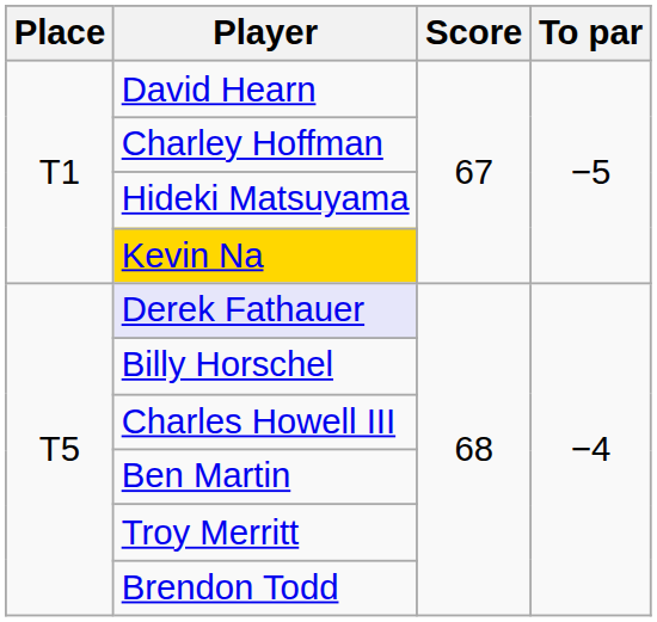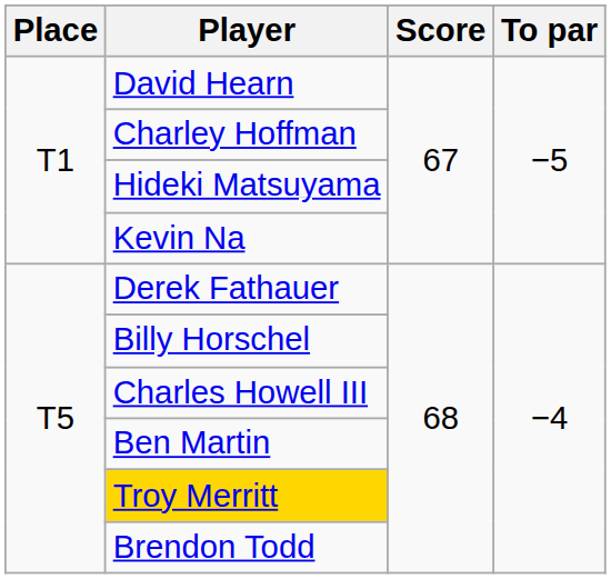 <table class="wikitable">
 <tr>
 <th>Place</th>
 <th>Player</th>
 <th>Score</th>
 <th>To par</th>
 </tr>
 <tr>
 <td rowspan=4 align=center>T1</td>
 <td> <a href='#'>David Hearn</a></td>
 <td rowspan=4 align=center>67</td>
 <td rowspan=4 align=center>−5</td>
 </tr>
 <tr>
 <td> <a href='#'>Charley Hoffman</a></td>
 </tr>
 <tr>
 <td> <a href='#'>Hideki Matsuyama</a></td>
 </tr>
 <tr>
-<td style="background: gold;"> <a href='#'>Kevin Na</a></td>
+<td> <a href='#'>Kevin Na</a></td>
 </tr>
 <tr>
 <td rowspan=6 align=center>T5</td>
-<td style="background: lavender;"> <a href='#'>Derek Fathauer</a></td>
+<td> <a href='#'>Derek Fathauer</a></td>
 <td rowspan=6 align=center>68</td>
 <td rowspan=6 align=center>−4</td>
 </tr>
 <tr>
 <td> <a href='#'>Billy Horschel</a></td>
 </tr>
 <tr>
 <td> <a href='#'>Charles Howell III</a></td>
 </tr>
 <tr>
 <td> <a href='#'>Ben Martin</a></td>
 </tr>
 <tr>
-<td> <a href='#'>Troy Merritt</a></td>
+<td style="background: gold;"> <a href='#'>Troy Merritt</a></td>
 </tr>
 <tr>
 <td> <a href='#'>Brendon Todd</a></td>
 </tr>
 </table>
